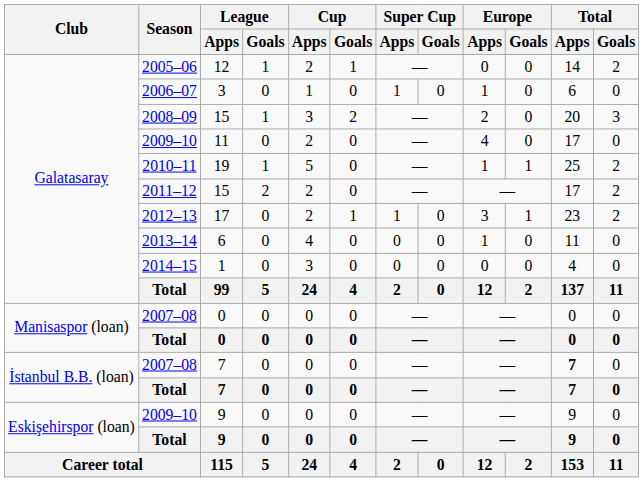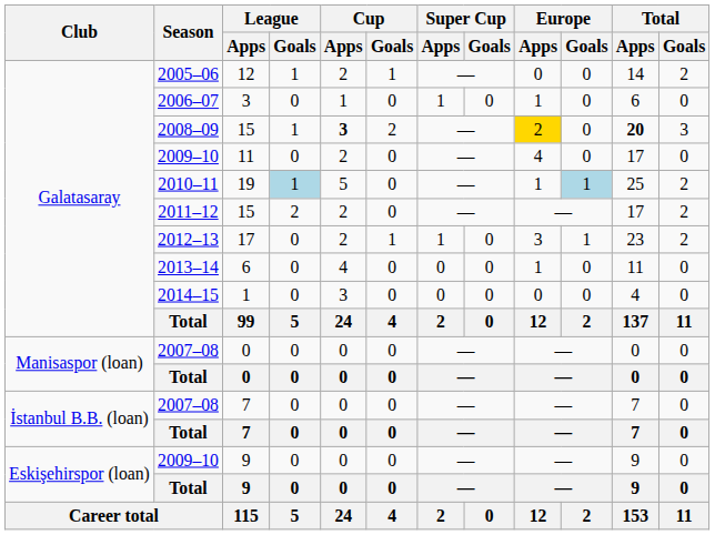 <table class="wikitable" style="text-align: center;">
 <tr>
 <th rowspan="2">Club</th>
 <th rowspan="2">Season</th>
 <th colspan="2">League</th>
 <th colspan="2">Cup</th>
 <th colspan="2">Super Cup</th>
 <th colspan="2">Europe</th>
 <th colspan="2">Total</th>
 </tr>
 <tr>
 <th>Apps</th>
 <th>Goals</th>
 <th>Apps</th>
 <th>Goals</th>
 <th>Apps</th>
 <th>Goals</th>
 <th>Apps</th>
 <th>Goals</th>
 <th>Apps</th>
 <th>Goals</th>
 </tr>
 <tr>
 <td rowspan="10" valign="center"><a href='#'>Galatasaray</a></td>
 <td><a href='#'>2005–06</a></td>
 <td>12</td>
 <td>1</td>
 <td>2</td>
 <td>1</td>
 <td colspan="2">—</td>
 <td>0</td>
 <td>0</td>
 <td>14</td>
 <td>2</td>
 </tr>
 <tr>
 <td><a href='#'>2006–07</a></td>
 <td>3</td>
 <td>0</td>
 <td>1</td>
 <td>0</td>
 <td>1</td>
 <td>0</td>
 <td>1</td>
 <td>0</td>
 <td>6</td>
 <td>0</td>
 </tr>
 <tr>
 <td><a href='#'>2008–09</a></td>
 <td>15</td>
 <td>1</td>
-<td>3</td>
+<td><strong>3</strong></td>
 <td>2</td>
 <td colspan="2">—</td>
-<td>2</td>
+<td style="background: gold;">2</td>
 <td>0</td>
-<td>20</td>
+<td><strong>20</strong></td>
 <td>3</td>
 </tr>
 <tr>
 <td><a href='#'>2009–10</a></td>
 <td>11</td>
 <td>0</td>
 <td>2</td>
 <td>0</td>
 <td colspan="2">—</td>
 <td>4</td>
 <td>0</td>
 <td>17</td>
 <td>0</td>
 </tr>
 <tr>
 <td><a href='#'>2010–11</a></td>
 <td>19</td>
-<td>1</td>
+<td style="background: lightblue;">1</td>
 <td>5</td>
 <td>0</td>
 <td colspan="2">—</td>
 <td>1</td>
-<td>1</td>
+<td style="background: lightblue;">1</td>
 <td>25</td>
 <td>2</td>
 </tr>
 <tr>
 <td><a href='#'>2011–12</a></td>
 <td>15</td>
 <td>2</td>
 <td>2</td>
 <td>0</td>
 <td colspan="2">—</td>
 <td colspan="2">—</td>
 <td>17</td>
 <td>2</td>
 </tr>
 <tr>
 <td><a href='#'>2012–13</a></td>
 <td>17</td>
 <td>0</td>
 <td>2</td>
 <td>1</td>
 <td>1</td>
 <td>0</td>
 <td>3</td>
 <td>1</td>
 <td>23</td>
 <td>2</td>
 </tr>
 <tr>
 <td><a href='#'>2013–14</a></td>
 <td>6</td>
 <td>0</td>
 <td>4</td>
 <td>0</td>
 <td>0</td>
 <td>0</td>
 <td>1</td>
 <td>0</td>
 <td>11</td>
 <td>0</td>
 </tr>
 <tr>
 <td><a href='#'>2014–15</a></td>
 <td>1</td>
 <td>0</td>
 <td>3</td>
 <td>0</td>
 <td>0</td>
 <td>0</td>
 <td>0</td>
 <td>0</td>
 <td>4</td>
 <td>0</td>
 </tr>
 <tr>
 <th>Total</th>
 <th>99</th>
 <th>5</th>
 <th>24</th>
 <th>4</th>
 <th>2</th>
 <th>0</th>
 <th>12</th>
 <th>2</th>
 <th>137</th>
 <th>11</th>
 </tr>
 <tr>
 <td rowspan="2" valign="center"><a href='#'>Manisaspor</a> (loan)</td>
 <td><a href='#'>2007–08</a></td>
 <td>0</td>
 <td>0</td>
 <td>0</td>
 <td>0</td>
 <td colspan="2">—</td>
 <td colspan="2">—</td>
 <td>0</td>
 <td>0</td>
 </tr>
 <tr>
 <th>Total</th>
 <th>0</th>
 <th>0</th>
 <th>0</th>
 <th>0</th>
 <th colspan="2">—</th>
 <th colspan="2">—</th>
 <th>0</th>
 <th>0</th>
 </tr>
 <tr>
 <td rowspan="2" valign="center"><a href='#'>İstanbul B.B.</a> (loan)</td>
 <td><a href='#'>2007–08</a></td>
 <td>7</td>
 <td>0</td>
 <td>0</td>
 <td>0</td>
 <td colspan="2">—</td>
 <td colspan="2">—</td>
-<td><strong>7</strong></td>
+<td>7</td>
 <td>0</td>
 </tr>
 <tr>
 <th>Total</th>
 <th>7</th>
 <th>0</th>
 <th>0</th>
 <th>0</th>
 <th colspan="2">—</th>
 <th colspan="2">—</th>
 <th>7</th>
 <th>0</th>
 </tr>
 <tr>
 <td rowspan="2" valign="center"><a href='#'>Eskişehirspor</a> (loan)</td>
 <td><a href='#'>2009–10</a></td>
 <td>9</td>
 <td>0</td>
 <td>0</td>
 <td>0</td>
 <td colspan="2">—</td>
 <td colspan="2">—</td>
 <td>9</td>
 <td>0</td>
 </tr>
 <tr>
 <th>Total</th>
 <th>9</th>
 <th>0</th>
 <th>0</th>
 <th>0</th>
 <th colspan="2">—</th>
 <th colspan="2">—</th>
 <th>9</th>
 <th>0</th>
 </tr>
 <tr>
 <th colspan="2">Career total</th>
 <th>115</th>
 <th>5</th>
 <th>24</th>
 <th>4</th>
 <th>2</th>
 <th>0</th>
 <th>12</th>
 <th>2</th>
 <th>153</th>
 <th>11</th>
 </tr>
 </table>
